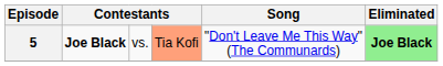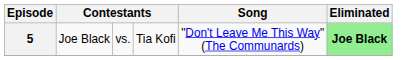 <table class="wikitable" style="text-align:center;">
 <tr>
 <th scope="col">Episode</th>
 <th scope="col" colspan="3">Contestants</th>
 <th scope="col">Song</th>
 <th scope="col">Eliminated</th>
 </tr>
 <tr>
 <th scope="row">5</th>
-<td><strong>Joe Black</strong></td>
+<td>Joe Black</td>
 <td>vs.</td>
-<td style="background: lightsalmon;">Tia Kofi</td>
+<td>Tia Kofi</td>
 <td>"<a href='#'>Don't Leave Me This Way</a>" <br>(<a href='#'>The Communards</a>)</td>
 <td style="background:lightgreen"><strong>Joe Black</strong></td>
 </tr>
 <tr>
 </tr>
 </table>
